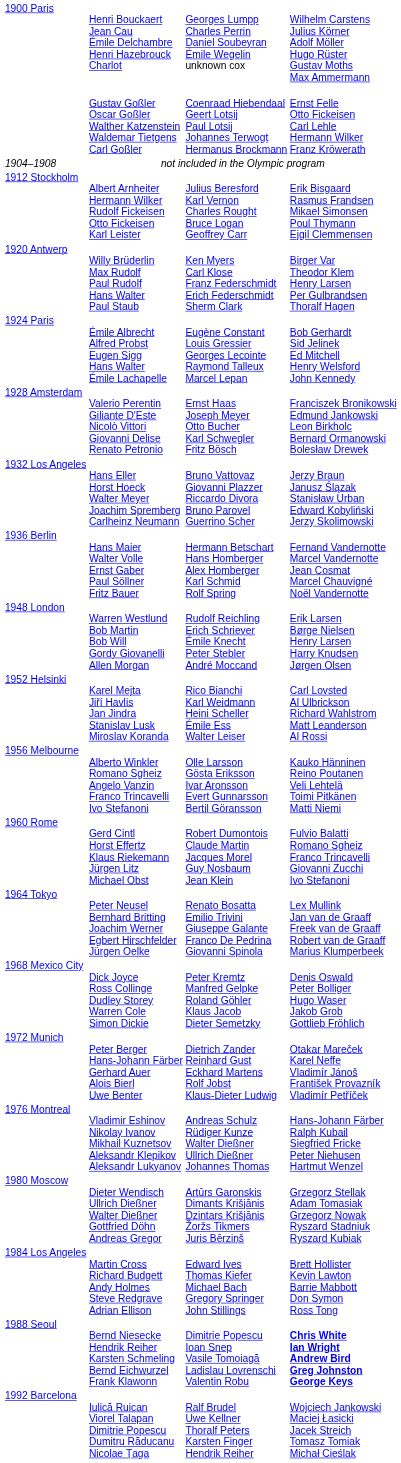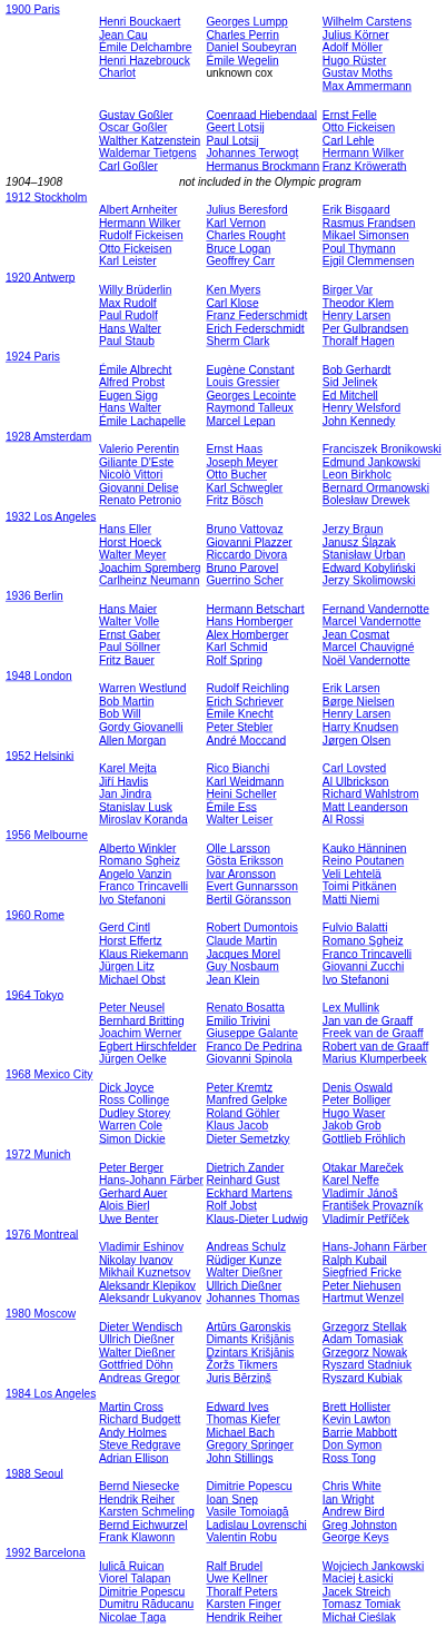 <table>
 <tr valign="top">
 <td rowspan="2"><a href='#'>1900 Paris</a><br></td>
 <td> <br> <a href='#'>Henri Bouckaert</a> <br> <a href='#'>Jean Cau</a> <br> <a href='#'>Émile Delchambre</a> <br> <a href='#'>Henri Hazebrouck</a> <br> <a href='#'>Charlot</a></td>
 <td> <br> <a href='#'>Georges Lumpp</a> <br> <a href='#'>Charles Perrin</a> <br> <a href='#'>Daniel Soubeyran</a> <br> <a href='#'>Émile Wegelin</a> <br> unknown cox</td>
 <td> <br> <a href='#'>Wilhelm Carstens</a> <br> <a href='#'>Julius Körner</a> <br> <a href='#'>Adolf Möller</a> <br> <a href='#'>Hugo Rüster</a> <br> <a href='#'>Gustav Moths</a><br><a href='#'>Max Ammermann</a></td>
 </tr>
 <tr>
 <td><br><a href='#'>Gustav Goßler</a> <br> <a href='#'>Oscar Goßler</a> <br> <a href='#'>Walther Katzenstein</a> <br> <a href='#'>Waldemar Tietgens</a> <br> <a href='#'>Carl Goßler</a></td>
 <td><br><a href='#'>Coenraad Hiebendaal</a> <br> <a href='#'>Geert Lotsij</a> <br> <a href='#'>Paul Lotsij</a> <br> <a href='#'>Johannes Terwogt</a> <br> <a href='#'>Hermanus Brockmann</a></td>
 <td><br><a href='#'>Ernst Felle</a> <br> <a href='#'>Otto Fickeisen</a> <br> <a href='#'>Carl Lehle</a> <br> <a href='#'>Hermann Wilker</a> <br> <a href='#'>Franz Kröwerath</a></td>
 </tr>
 <tr valign="top">
 <td><em>1904–1908</em></td>
 <td colspan=3 align=center><em>not included in the Olympic program</em></td>
 </tr>
 <tr valign="top">
 <td><a href='#'>1912 Stockholm</a><br></td>
 <td><br><a href='#'>Albert Arnheiter</a><br><a href='#'>Hermann Wilker</a><br><a href='#'>Rudolf Fickeisen</a><br><a href='#'>Otto Fickeisen</a><br><a href='#'>Karl Leister</a></td>
 <td><br><a href='#'>Julius Beresford</a><br><a href='#'>Karl Vernon</a><br><a href='#'>Charles Rought</a><br><a href='#'>Bruce Logan</a><br><a href='#'>Geoffrey Carr</a></td>
 <td><br><a href='#'>Erik Bisgaard</a><br><a href='#'>Rasmus Frandsen</a><br><a href='#'>Mikael Simonsen</a><br><a href='#'>Poul Thymann</a><br><a href='#'>Ejgil Clemmensen</a></td>
 </tr>
 <tr valign="top">
 <td><a href='#'>1920 Antwerp</a><br></td>
 <td><br><a href='#'>Willy Brüderlin</a><br><a href='#'>Max Rudolf</a><br><a href='#'>Paul Rudolf</a><br><a href='#'>Hans Walter</a><br><a href='#'>Paul Staub</a></td>
 <td><br><a href='#'>Ken Myers</a><br><a href='#'>Carl Klose</a><br><a href='#'>Franz Federschmidt</a><br><a href='#'>Erich Federschmidt</a><br><a href='#'>Sherm Clark</a></td>
 <td><br><a href='#'>Birger Var</a><br><a href='#'>Theodor Klem</a><br><a href='#'>Henry Larsen</a><br><a href='#'>Per Gulbrandsen</a><br><a href='#'>Thoralf Hagen</a></td>
 </tr>
 <tr valign="top">
 <td><a href='#'>1924 Paris</a><br></td>
 <td><br><a href='#'>Émile Albrecht</a><br><a href='#'>Alfred Probst</a><br><a href='#'>Eugen Sigg</a><br><a href='#'>Hans Walter</a><br><a href='#'>Émile Lachapelle</a></td>
 <td><br><a href='#'>Eugène Constant</a><br><a href='#'>Louis Gressier</a><br><a href='#'>Georges Lecointe</a><br><a href='#'>Raymond Talleux</a><br><a href='#'>Marcel Lepan</a></td>
 <td><br><a href='#'>Bob Gerhardt</a><br><a href='#'>Sid Jelinek</a><br><a href='#'>Ed Mitchell</a><br><a href='#'>Henry Welsford</a><br><a href='#'>John Kennedy</a></td>
 </tr>
 <tr valign="top">
 <td><a href='#'>1928 Amsterdam</a><br></td>
 <td><br><a href='#'>Valerio Perentin</a><br><a href='#'>Giliante D'Este</a><br><a href='#'>Nicolò Vittori</a><br><a href='#'>Giovanni Delise</a><br><a href='#'>Renato Petronio</a></td>
 <td><br><a href='#'>Ernst Haas</a><br><a href='#'>Joseph Meyer</a><br><a href='#'>Otto Bucher</a><br><a href='#'>Karl Schwegler</a><br><a href='#'>Fritz Bösch</a></td>
 <td><br><a href='#'>Franciszek Bronikowski</a><br><a href='#'>Edmund Jankowski</a><br><a href='#'>Leon Birkholc</a><br><a href='#'>Bernard Ormanowski</a><br><a href='#'>Bolesław Drewek</a></td>
 </tr>
 <tr valign="top">
 <td><a href='#'>1932 Los Angeles</a><br></td>
 <td><br><a href='#'>Hans Eller</a><br><a href='#'>Horst Hoeck</a><br><a href='#'>Walter Meyer</a><br><a href='#'>Joachim Spremberg</a><br><a href='#'>Carlheinz Neumann</a></td>
 <td><br><a href='#'>Bruno Vattovaz</a><br><a href='#'>Giovanni Plazzer</a><br><a href='#'>Riccardo Divora</a><br><a href='#'>Bruno Parovel</a><br><a href='#'>Guerrino Scher</a></td>
 <td><br><a href='#'>Jerzy Braun</a><br><a href='#'>Janusz Ślązak</a><br><a href='#'>Stanisław Urban</a><br><a href='#'>Edward Kobyliński</a><br><a href='#'>Jerzy Skolimowski</a></td>
 </tr>
 <tr valign="top">
 <td><a href='#'>1936 Berlin</a><br></td>
 <td><br><a href='#'>Hans Maier</a><br><a href='#'>Walter Volle</a><br><a href='#'>Ernst Gaber</a><br><a href='#'>Paul Söllner</a><br><a href='#'>Fritz Bauer</a></td>
 <td><br><a href='#'>Hermann Betschart</a><br><a href='#'>Hans Homberger</a><br><a href='#'>Alex Homberger</a><br><a href='#'>Karl Schmid</a><br><a href='#'>Rolf Spring</a></td>
 <td><br><a href='#'>Fernand Vandernotte</a><br><a href='#'>Marcel Vandernotte</a><br><a href='#'>Jean Cosmat</a><br><a href='#'>Marcel Chauvigné</a><br><a href='#'>Noël Vandernotte</a></td>
 </tr>
 <tr valign="top">
 <td><a href='#'>1948 London</a><br></td>
 <td><br><a href='#'>Warren Westlund</a><br><a href='#'>Bob Martin</a><br><a href='#'>Bob Will</a><br><a href='#'>Gordy Giovanelli</a><br><a href='#'>Allen Morgan</a></td>
 <td><br><a href='#'>Rudolf Reichling</a><br><a href='#'>Erich Schriever</a><br><a href='#'>Émile Knecht</a><br><a href='#'>Peter Stebler</a><br><a href='#'>André Moccand</a></td>
 <td><br><a href='#'>Erik Larsen</a><br><a href='#'>Børge Nielsen</a><br><a href='#'>Henry Larsen</a><br><a href='#'>Harry Knudsen</a><br><a href='#'>Jørgen Olsen</a></td>
 </tr>
 <tr valign="top">
 <td><a href='#'>1952 Helsinki</a><br></td>
 <td><br><a href='#'>Karel Mejta</a><br><a href='#'>Jiří Havlis</a><br><a href='#'>Jan Jindra</a><br><a href='#'>Stanislav Lusk</a><br><a href='#'>Miroslav Koranda</a></td>
 <td><br><a href='#'>Rico Bianchi</a><br><a href='#'>Karl Weidmann</a><br><a href='#'>Heini Scheller</a><br><a href='#'>Émile Ess</a><br><a href='#'>Walter Leiser</a></td>
 <td><br><a href='#'>Carl Lovsted</a><br><a href='#'>Al Ulbrickson</a><br><a href='#'>Richard Wahlstrom</a><br><a href='#'>Matt Leanderson</a><br><a href='#'>Al Rossi</a></td>
 </tr>
 <tr valign="top">
 <td><a href='#'>1956 Melbourne</a><br></td>
 <td><br><a href='#'>Alberto Winkler</a><br><a href='#'>Romano Sgheiz</a><br><a href='#'>Angelo Vanzin</a><br><a href='#'>Franco Trincavelli</a><br><a href='#'>Ivo Stefanoni</a></td>
 <td><br><a href='#'>Olle Larsson</a><br><a href='#'>Gösta Eriksson</a><br><a href='#'>Ivar Aronsson</a><br><a href='#'>Evert Gunnarsson</a><br><a href='#'>Bertil Göransson</a></td>
 <td><br><a href='#'>Kauko Hänninen</a><br><a href='#'>Reino Poutanen</a><br><a href='#'>Veli Lehtelä</a><br><a href='#'>Toimi Pitkänen</a><br><a href='#'>Matti Niemi</a></td>
 </tr>
 <tr valign="top">
 <td><a href='#'>1960 Rome</a><br></td>
 <td><br><a href='#'>Gerd Cintl</a><br><a href='#'>Horst Effertz</a><br><a href='#'>Klaus Riekemann</a><br><a href='#'>Jürgen Litz</a><br><a href='#'>Michael Obst</a></td>
 <td><br><a href='#'>Robert Dumontois</a><br><a href='#'>Claude Martin</a><br><a href='#'>Jacques Morel</a><br><a href='#'>Guy Nosbaum</a><br><a href='#'>Jean Klein</a></td>
 <td><br><a href='#'>Fulvio Balatti</a><br><a href='#'>Romano Sgheiz</a><br><a href='#'>Franco Trincavelli</a><br><a href='#'>Giovanni Zucchi</a><br><a href='#'>Ivo Stefanoni</a></td>
 </tr>
 <tr valign="top">
 <td><a href='#'>1964 Tokyo</a><br></td>
 <td><br><a href='#'>Peter Neusel</a><br><a href='#'>Bernhard Britting</a><br><a href='#'>Joachim Werner</a><br><a href='#'>Egbert Hirschfelder</a><br><a href='#'>Jürgen Oelke</a></td>
 <td><br><a href='#'>Renato Bosatta</a><br><a href='#'>Emilio Trivini</a><br><a href='#'>Giuseppe Galante</a><br><a href='#'>Franco De Pedrina</a><br><a href='#'>Giovanni Spinola</a></td>
 <td><br><a href='#'>Lex Mullink</a><br><a href='#'>Jan van de Graaff</a><br><a href='#'>Freek van de Graaff</a><br><a href='#'>Robert van de Graaff</a><br><a href='#'>Marius Klumperbeek</a></td>
 </tr>
 <tr valign="top">
 <td><a href='#'>1968 Mexico City</a><br></td>
 <td><br><a href='#'>Dick Joyce</a><br><a href='#'>Ross Collinge</a><br><a href='#'>Dudley Storey</a><br><a href='#'>Warren Cole</a><br><a href='#'>Simon Dickie</a></td>
 <td><br><a href='#'>Peter Kremtz</a><br><a href='#'>Manfred Gelpke</a><br><a href='#'>Roland Göhler</a><br><a href='#'>Klaus Jacob</a><br><a href='#'>Dieter Semetzky</a></td>
 <td><br><a href='#'>Denis Oswald</a><br><a href='#'>Peter Bolliger</a><br><a href='#'>Hugo Waser</a><br><a href='#'>Jakob Grob</a><br><a href='#'>Gottlieb Fröhlich</a></td>
 </tr>
 <tr valign="top">
 <td><a href='#'>1972 Munich</a><br></td>
 <td><br><a href='#'>Peter Berger</a><br><a href='#'>Hans-Johann Färber</a><br><a href='#'>Gerhard Auer</a><br><a href='#'>Alois Bierl</a><br><a href='#'>Uwe Benter</a></td>
 <td><br><a href='#'>Dietrich Zander</a><br><a href='#'>Reinhard Gust</a><br><a href='#'>Eckhard Martens</a><br><a href='#'>Rolf Jobst</a><br><a href='#'>Klaus-Dieter Ludwig</a></td>
 <td><br><a href='#'>Otakar Mareček</a><br><a href='#'>Karel Neffe</a><br><a href='#'>Vladimír Jánoš</a><br><a href='#'>František Provazník</a><br><a href='#'>Vladimír Petříček</a></td>
 </tr>
 <tr valign="top">
 <td><a href='#'>1976 Montreal</a><br></td>
 <td><br><a href='#'>Vladimir Eshinov</a><br><a href='#'>Nikolay Ivanov</a><br><a href='#'>Mikhail Kuznetsov</a><br><a href='#'>Aleksandr Klepikov</a><br><a href='#'>Aleksandr Lukyanov</a></td>
 <td><br><a href='#'>Andreas Schulz</a><br><a href='#'>Rüdiger Kunze</a><br><a href='#'>Walter Dießner</a><br><a href='#'>Ullrich Dießner</a><br><a href='#'>Johannes Thomas</a></td>
 <td><br><a href='#'>Hans-Johann Färber</a><br><a href='#'>Ralph Kubail</a><br><a href='#'>Siegfried Fricke</a><br><a href='#'>Peter Niehusen</a><br><a href='#'>Hartmut Wenzel</a></td>
 </tr>
 <tr valign="top">
 <td><a href='#'>1980 Moscow</a><br></td>
 <td><br><a href='#'>Dieter Wendisch</a><br><a href='#'>Ullrich Dießner</a><br><a href='#'>Walter Dießner</a><br><a href='#'>Gottfried Döhn</a><br><a href='#'>Andreas Gregor</a></td>
 <td><br><a href='#'>Artūrs Garonskis</a><br><a href='#'>Dimants Krišjānis</a><br><a href='#'>Dzintars Krišjānis</a><br><a href='#'>Žoržs Tikmers</a><br><a href='#'>Juris Bērziņš</a></td>
 <td><br><a href='#'>Grzegorz Stellak</a><br><a href='#'>Adam Tomasiak</a><br><a href='#'>Grzegorz Nowak</a><br><a href='#'>Ryszard Stadniuk</a><br><a href='#'>Ryszard Kubiak</a></td>
 </tr>
 <tr valign="top">
 <td><a href='#'>1984 Los Angeles</a><br></td>
 <td><br><a href='#'>Martin Cross</a><br><a href='#'>Richard Budgett</a><br><a href='#'>Andy Holmes</a><br><a href='#'>Steve Redgrave</a><br><a href='#'>Adrian Ellison</a></td>
 <td><br><a href='#'>Edward Ives</a><br><a href='#'>Thomas Kiefer</a><br><a href='#'>Michael Bach</a><br><a href='#'>Gregory Springer</a><br><a href='#'>John Stillings</a></td>
 <td><br><a href='#'>Brett Hollister</a><br><a href='#'>Kevin Lawton</a><br><a href='#'>Barrie Mabbott</a><br><a href='#'>Don Symon</a><br><a href='#'>Ross Tong</a></td>
 </tr>
 <tr valign="top">
 <td><a href='#'>1988 Seoul</a><br></td>
 <td><br><a href='#'>Bernd Niesecke</a><br><a href='#'>Hendrik Reiher</a><br><a href='#'>Karsten Schmeling</a><br><a href='#'>Bernd Eichwurzel</a><br><a href='#'>Frank Klawonn</a></td>
 <td><br><a href='#'>Dimitrie Popescu</a><br><a href='#'>Ioan Snep</a><br><a href='#'>Vasile Tomoiagă</a><br><a href='#'>Ladislau Lovrenschi</a><br><a href='#'>Valentin Robu</a></td>
-<td><strong><br><a href='#'>Chris White</a><br><a href='#'>Ian Wright</a><br><a href='#'>Andrew Bird</a><br><a href='#'>Greg Johnston</a><br><a href='#'>George Keys</a></strong></td>
+<td><br><a href='#'>Chris White</a><br><a href='#'>Ian Wright</a><br><a href='#'>Andrew Bird</a><br><a href='#'>Greg Johnston</a><br><a href='#'>George Keys</a></td>
 </tr>
 <tr valign="top">
 <td><a href='#'>1992 Barcelona</a><br></td>
 <td><br><a href='#'>Iulică Ruican</a><br><a href='#'>Viorel Talapan</a><br><a href='#'>Dimitrie Popescu</a><br><a href='#'>Dumitru Răducanu</a><br><a href='#'>Nicolae Țaga</a></td>
 <td><br><a href='#'>Ralf Brudel</a><br><a href='#'>Uwe Kellner</a><br><a href='#'>Thoralf Peters</a><br><a href='#'>Karsten Finger</a><br><a href='#'>Hendrik Reiher</a></td>
 <td><br><a href='#'>Wojciech Jankowski</a><br><a href='#'>Maciej Łasicki</a><br><a href='#'>Jacek Streich</a><br><a href='#'>Tomasz Tomiak</a><br><a href='#'>Michał Cieślak</a></td>
 </tr>
 </table>
